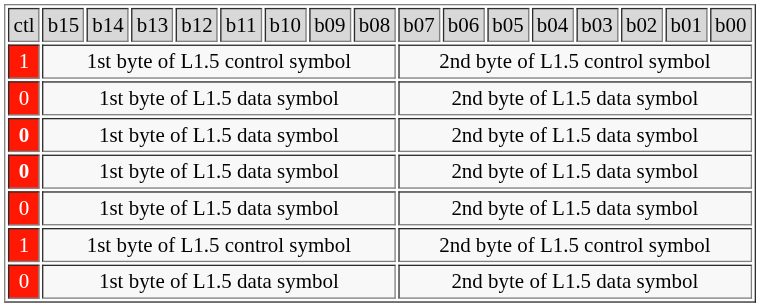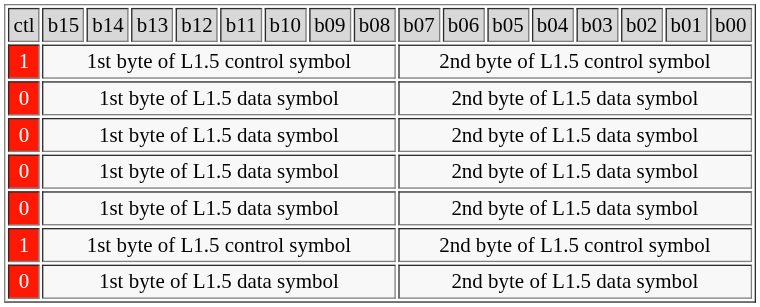 <table border="1" cellpadding="3" style="margin: 1em auto 1em auto">
 <tr style="background:#D8D8D8; color:black">
 <td align="center background:#FF1804;">ctl</td>
 <td>b15</td>
 <td>b14</td>
 <td>b13</td>
 <td>b12</td>
 <td>b11</td>
 <td>b10</td>
 <td>b09</td>
 <td>b08</td>
 <td>b07</td>
 <td>b06</td>
 <td>b05</td>
 <td>b04</td>
 <td>b03</td>
 <td>b02</td>
 <td>b01</td>
 <td>b00</td>
 </tr>
 <tr style="background:#F8F8F8; color:black" align="center">
 <td style="background:#FF1804; color:white">1</td>
 <td colspan="8">1st byte of L1.5 control symbol</td>
 <td colspan="8">2nd byte of L1.5 control symbol</td>
 </tr>
 <tr style="background:#F8F8F8; color:black" align="center">
 <td style="background:#FF1804; color:white">0</td>
 <td colspan="8">1st byte of L1.5 data symbol</td>
 <td colspan="8">2nd byte of L1.5 data symbol</td>
 </tr>
 <tr style="background:#F8F8F8; color:black" align="center">
-<td style="background:#FF1804; color:white"><strong>0</strong></td>
+<td style="background:#FF1804; color:white">0</td>
 <td colspan="8">1st byte of L1.5 data symbol</td>
 <td colspan="8">2nd byte of L1.5 data symbol</td>
 </tr>
 <tr style="background:#F8F8F8; color:black" align="center">
-<td style="background:#FF1804; color:white"><strong>0</strong></td>
+<td style="background:#FF1804; color:white">0</td>
 <td colspan="8">1st byte of L1.5 data symbol</td>
 <td colspan="8">2nd byte of L1.5 data symbol</td>
 </tr>
 <tr style="background:#F8F8F8; color:black" align="center">
 <td style="background:#FF1804; color:white">0</td>
 <td colspan="8">1st byte of L1.5 data symbol</td>
 <td colspan="8">2nd byte of L1.5 data symbol</td>
 </tr>
 <tr style="background:#F8F8F8; color:black" align="center">
 <td style="background:#FF1804; color:white">1</td>
 <td colspan="8">1st byte of L1.5 control symbol</td>
 <td colspan="8">2nd byte of L1.5 control symbol</td>
 </tr>
 <tr style="background:#F8F8F8; color:black" align="center">
 <td style="background:#FF1804; color:white">0</td>
 <td colspan="8">1st byte of L1.5 data symbol</td>
 <td colspan="8">2nd byte of L1.5 data symbol</td>
 </tr>
 </table>
